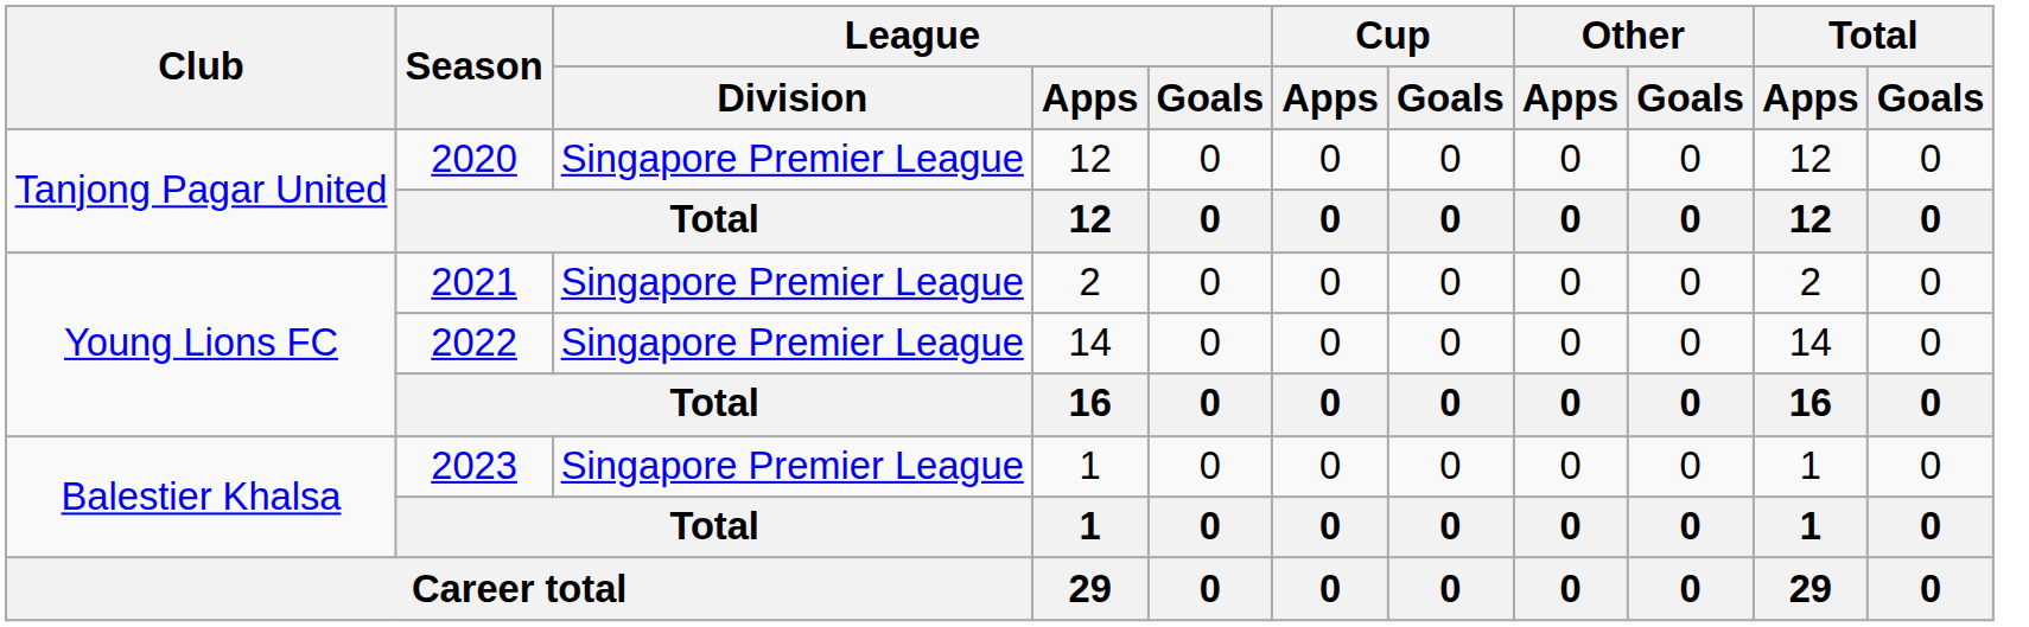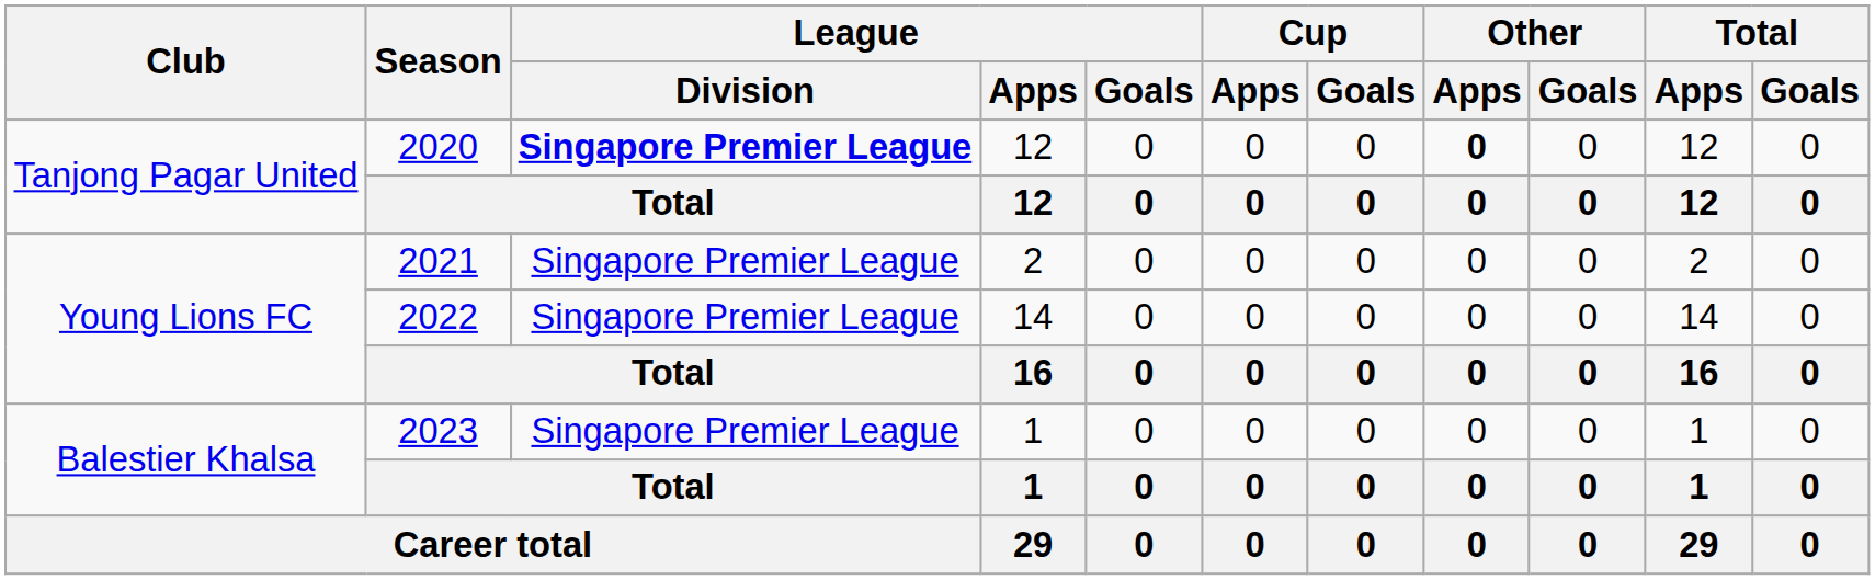 <table class="wikitable" style="text-align: center">
 <tr>
 <th rowspan="2">Club</th>
 <th rowspan="2">Season</th>
 <th colspan="3">League</th>
 <th colspan="2">Cup</th>
 <th colspan="2">Other</th>
 <th colspan="2">Total</th>
 </tr>
 <tr>
 <th>Division</th>
 <th>Apps</th>
 <th>Goals</th>
 <th>Apps</th>
 <th>Goals</th>
 <th>Apps</th>
 <th>Goals</th>
 <th>Apps</th>
 <th>Goals</th>
 </tr>
 <tr>
 <td rowspan="2"><a href='#'>Tanjong Pagar United</a></td>
 <td><a href='#'>2020</a></td>
-<td><a href='#'>Singapore Premier League</a></td>
+<td><strong><a href='#'>Singapore Premier League</a></strong></td>
 <td>12</td>
 <td>0</td>
 <td>0</td>
 <td>0</td>
-<td>0</td>
+<td><strong>0</strong></td>
 <td>0</td>
 <td>12</td>
 <td>0</td>
 </tr>
 <tr>
 <th colspan=2>Total</th>
 <th>12</th>
 <th>0</th>
 <th>0</th>
 <th>0</th>
 <th>0</th>
 <th>0</th>
 <th>12</th>
 <th>0</th>
 </tr>
 <tr>
 <td rowspan="3"><a href='#'>Young Lions FC</a></td>
 <td><a href='#'>2021</a></td>
 <td><a href='#'>Singapore Premier League</a></td>
 <td>2</td>
 <td>0</td>
 <td>0</td>
 <td>0</td>
 <td>0</td>
 <td>0</td>
 <td>2</td>
 <td>0</td>
 </tr>
 <tr>
 <td><a href='#'>2022</a></td>
 <td><a href='#'>Singapore Premier League</a></td>
 <td>14</td>
 <td>0</td>
 <td>0</td>
 <td>0</td>
 <td>0</td>
 <td>0</td>
 <td>14</td>
 <td>0</td>
 </tr>
 <tr>
 <th colspan=2>Total</th>
 <th>16</th>
 <th>0</th>
 <th>0</th>
 <th>0</th>
 <th>0</th>
 <th>0</th>
 <th>16</th>
 <th>0</th>
 </tr>
 <tr>
 <td rowspan="2"><a href='#'>Balestier Khalsa</a></td>
 <td><a href='#'>2023</a></td>
 <td><a href='#'>Singapore Premier League</a></td>
 <td>1</td>
 <td>0</td>
 <td>0</td>
 <td>0</td>
 <td>0</td>
 <td>0</td>
 <td>1</td>
 <td>0</td>
 </tr>
 <tr>
 <th colspan=2>Total</th>
 <th>1</th>
 <th>0</th>
 <th>0</th>
 <th>0</th>
 <th>0</th>
 <th>0</th>
 <th>1</th>
 <th>0</th>
 </tr>
 <tr>
 <th colspan=3>Career total</th>
 <th>29</th>
 <th>0</th>
 <th>0</th>
 <th>0</th>
 <th>0</th>
 <th>0</th>
 <th>29</th>
 <th>0</th>
 </tr>
 </table>
